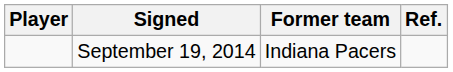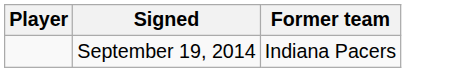 <table class="wikitable sortable sortable" style="text-align: center">
 <tr>
 <th>Player</th>
 <th>Signed</th>
 <th>Former team</th>
-<th>Ref.</th>
 </tr>
 <tr>
 <td></td>
 <td>September 19, 2014</td>
 <td>Indiana Pacers</td>
-<td></td>
 </tr>
 </table>
